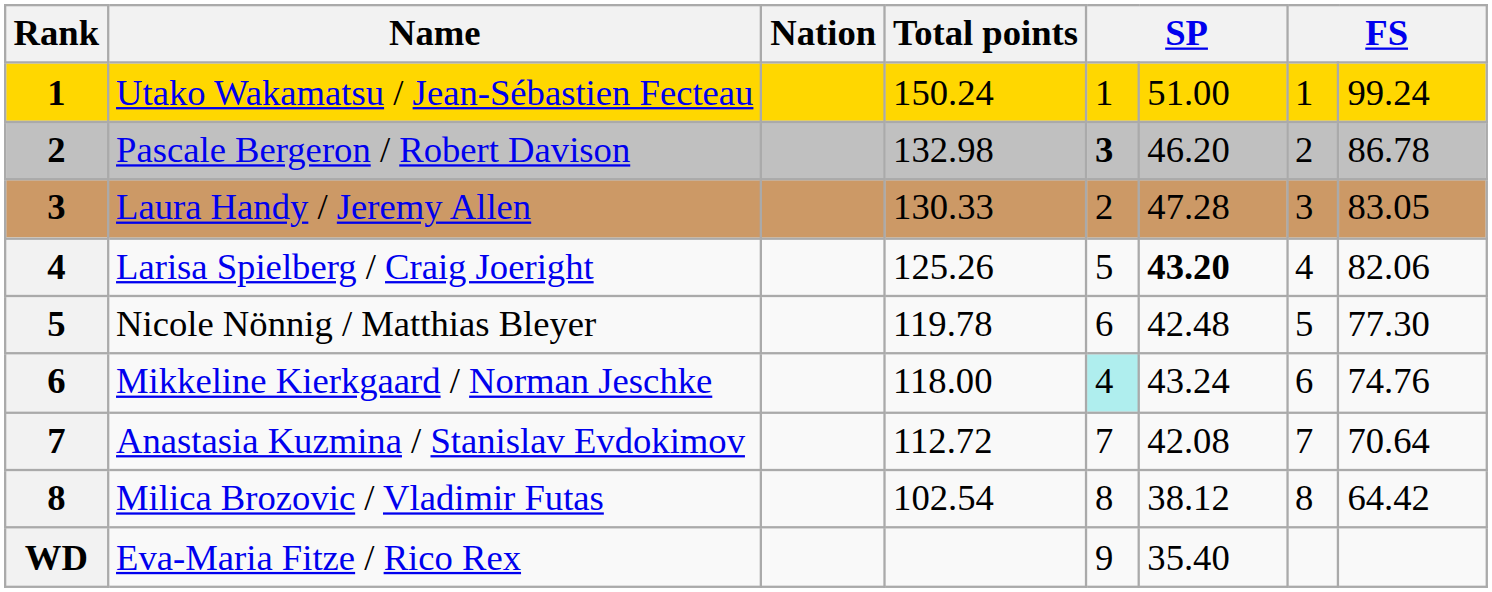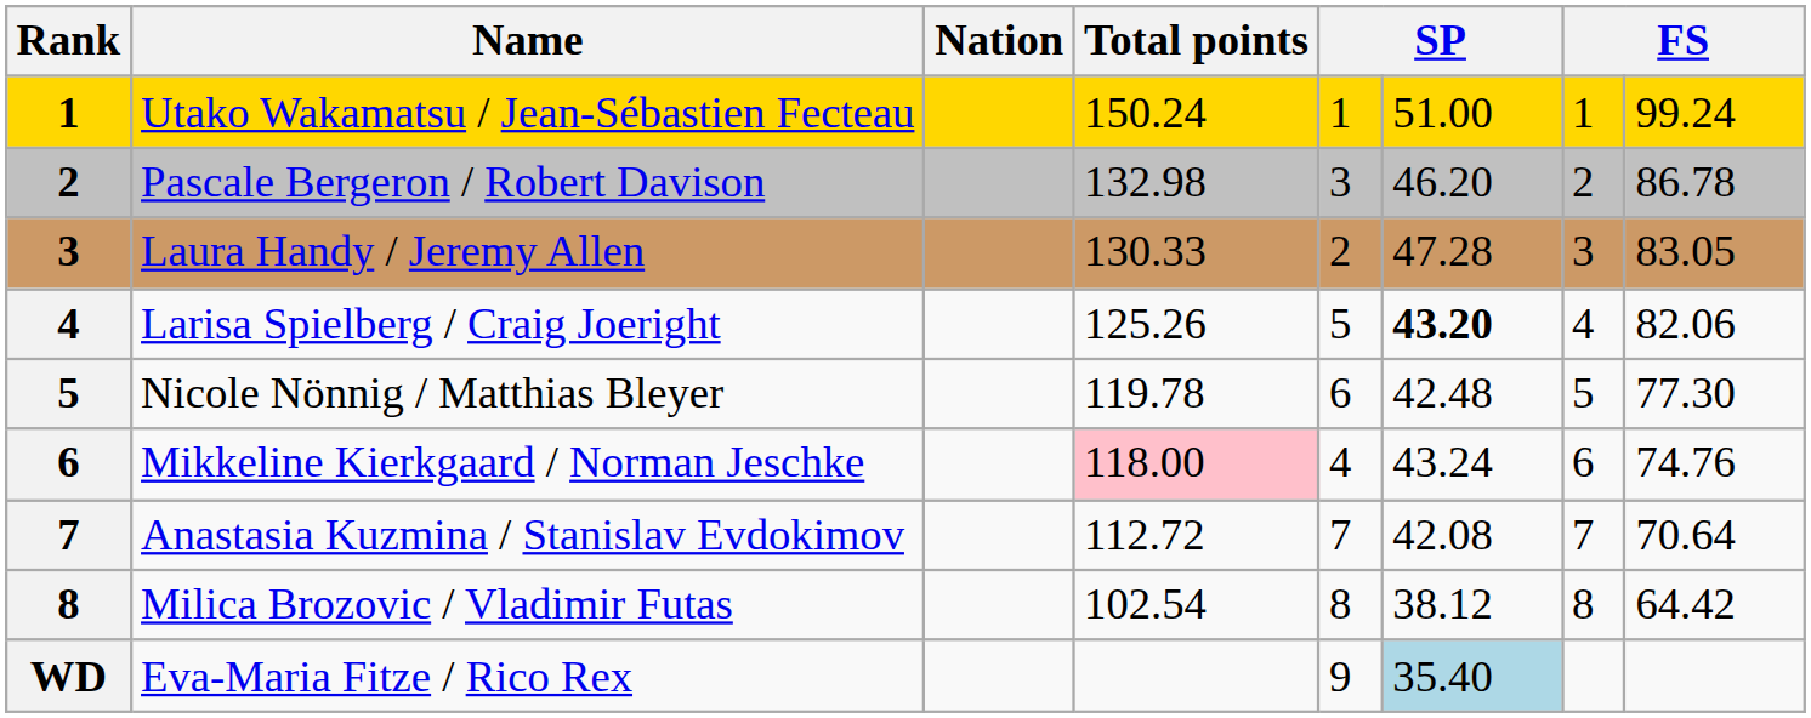 <table class="wikitable">
 <tr>
 <th>Rank</th>
 <th>Name</th>
 <th>Nation</th>
 <th>Total points</th>
 <th colspan="2" width="80px"><a href='#'>SP</a></th>
 <th colspan="2" width="80px"><a href='#'>FS</a></th>
 </tr>
 <tr bgcolor="gold">
 <td align="center"><strong>1</strong></td>
 <td><a href='#'>Utako Wakamatsu</a> / <a href='#'>Jean-Sébastien Fecteau</a></td>
 <td></td>
 <td>150.24</td>
 <td>1</td>
 <td>51.00</td>
 <td>1</td>
 <td>99.24</td>
 </tr>
 <tr bgcolor="silver">
 <td align="center"><strong>2</strong></td>
 <td><a href='#'>Pascale Bergeron</a> / <a href='#'>Robert Davison</a></td>
 <td></td>
 <td>132.98</td>
-<td><strong>3</strong></td>
+<td>3</td>
 <td>46.20</td>
 <td>2</td>
 <td>86.78</td>
 </tr>
 <tr bgcolor="cc9966">
 <td align="center"><strong>3</strong></td>
 <td><a href='#'>Laura Handy</a> / <a href='#'>Jeremy Allen</a></td>
 <td></td>
 <td>130.33</td>
 <td>2</td>
 <td>47.28</td>
 <td>3</td>
 <td>83.05</td>
 </tr>
 <tr>
 <th>4</th>
 <td><a href='#'>Larisa Spielberg</a> / <a href='#'>Craig Joeright</a></td>
 <td></td>
 <td>125.26</td>
 <td>5</td>
 <td><strong>43.20</strong></td>
 <td>4</td>
 <td>82.06</td>
 </tr>
 <tr>
 <th>5</th>
 <td>Nicole Nönnig / Matthias Bleyer</td>
 <td></td>
 <td>119.78</td>
 <td>6</td>
 <td>42.48</td>
 <td>5</td>
 <td>77.30</td>
 </tr>
 <tr>
 <th>6</th>
 <td><a href='#'>Mikkeline Kierkgaard</a> / <a href='#'>Norman Jeschke</a></td>
 <td></td>
-<td>118.00</td>
-<td style="background: paleturquoise;">4</td>
+<td style="background: pink;">118.00</td>
+<td>4</td>
 <td>43.24</td>
 <td>6</td>
 <td>74.76</td>
 </tr>
 <tr>
 <th>7</th>
 <td><a href='#'>Anastasia Kuzmina</a> / <a href='#'>Stanislav Evdokimov</a></td>
 <td></td>
 <td>112.72</td>
 <td>7</td>
 <td>42.08</td>
 <td>7</td>
 <td>70.64</td>
 </tr>
 <tr>
 <th>8</th>
 <td><a href='#'>Milica Brozovic</a> / <a href='#'>Vladimir Futas</a></td>
 <td></td>
 <td>102.54</td>
 <td>8</td>
 <td>38.12</td>
 <td>8</td>
 <td>64.42</td>
 </tr>
 <tr>
 <th>WD</th>
 <td><a href='#'>Eva-Maria Fitze</a> / <a href='#'>Rico Rex</a></td>
 <td></td>
 <td></td>
 <td>9</td>
-<td>35.40</td>
+<td style="background: lightblue;">35.40</td>
 <td></td>
 <td></td>
 </tr>
 </table>
